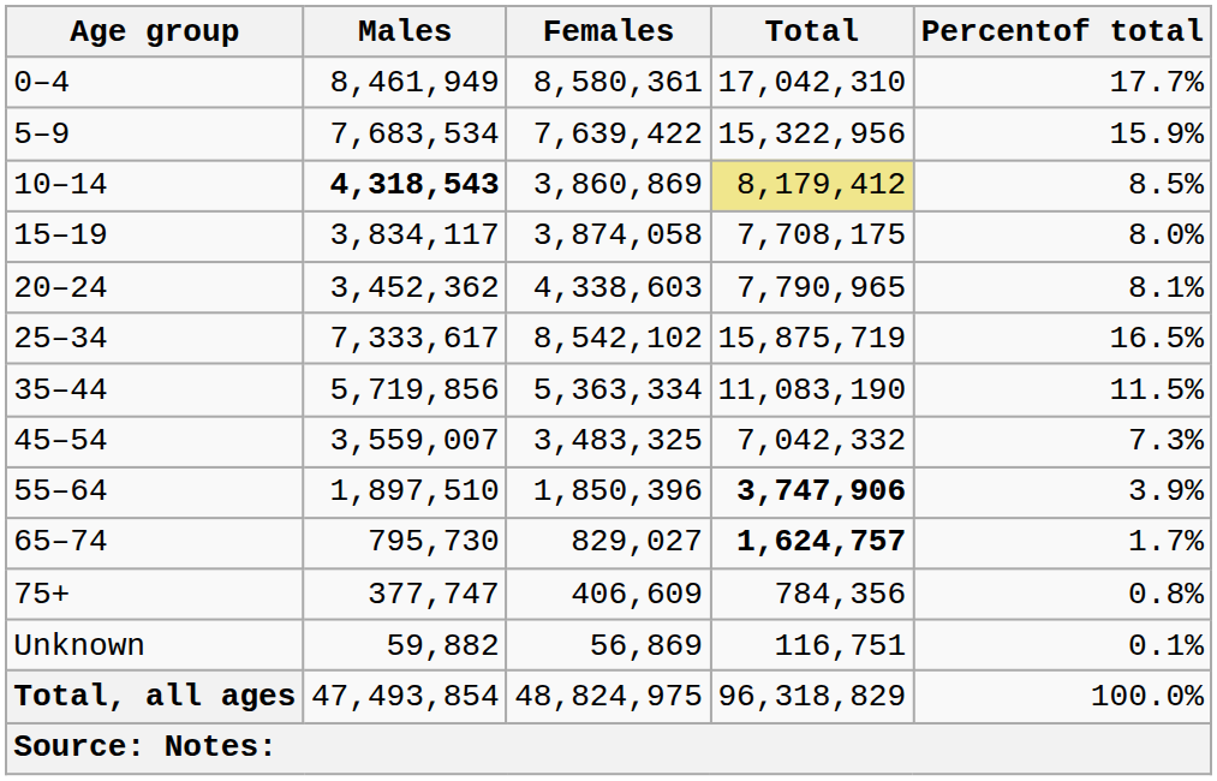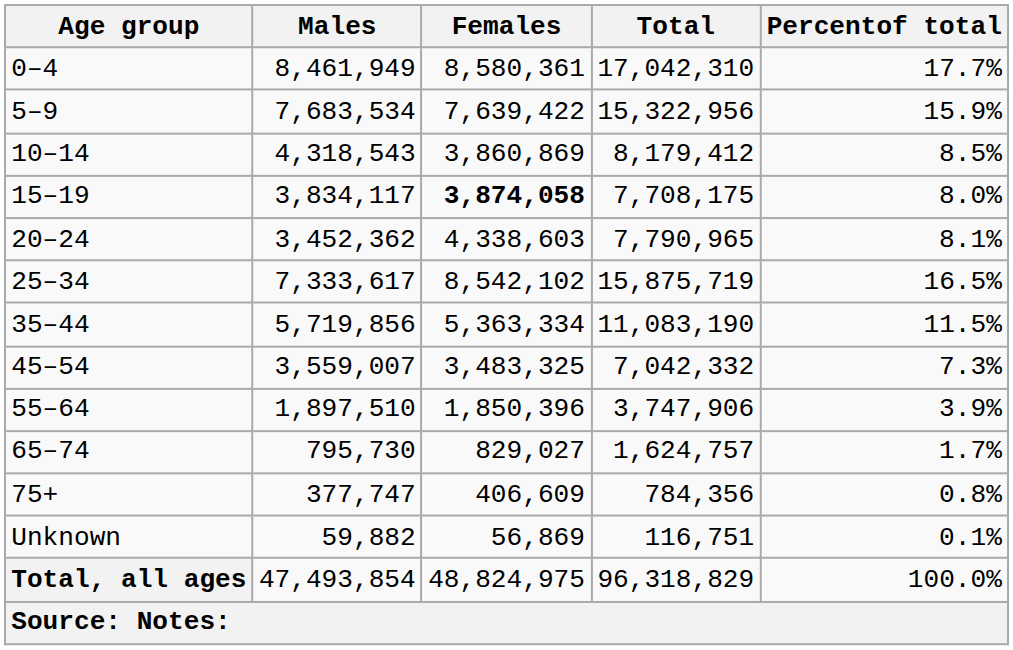 <table class="wikitable sortable static-row-numbers plainrowheaders" style="text-align: right">
 <tr class="static-row-header" style="vertical-align: bottom">
 <th scope="col">Age group</th>
 <th scope="col">Males</th>
 <th scope="col">Females</th>
 <th scope="col">Total</th>
 <th scope="col">Percentof total</th>
 </tr>
 <tr>
 <td style="text-align: left">0–4</td>
 <td>8,461,949</td>
 <td>8,580,361</td>
 <td>17,042,310</td>
 <td>17.7%</td>
 </tr>
 <tr>
 <td style="text-align: left">5–9</td>
 <td>7,683,534</td>
 <td>7,639,422</td>
 <td>15,322,956</td>
 <td>15.9%</td>
 </tr>
 <tr>
 <td style="text-align: left">10–14</td>
-<td><strong>4,318,543</strong></td>
+<td>4,318,543</td>
 <td>3,860,869</td>
-<td style="background: khaki;">8,179,412</td>
+<td>8,179,412</td>
 <td>8.5%</td>
 </tr>
 <tr>
 <td style="text-align: left">15–19</td>
 <td>3,834,117</td>
-<td>3,874,058</td>
+<td><strong>3,874,058</strong></td>
 <td>7,708,175</td>
 <td>8.0%</td>
 </tr>
 <tr>
 <td style="text-align: left">20–24</td>
 <td>3,452,362</td>
 <td>4,338,603</td>
 <td>7,790,965</td>
 <td>8.1%</td>
 </tr>
 <tr>
 <td style="text-align: left">25–34</td>
 <td>7,333,617</td>
 <td>8,542,102</td>
 <td>15,875,719</td>
 <td>16.5%</td>
 </tr>
 <tr>
 <td style="text-align: left">35–44</td>
 <td>5,719,856</td>
 <td>5,363,334</td>
 <td>11,083,190</td>
 <td>11.5%</td>
 </tr>
 <tr>
 <td style="text-align: left">45–54</td>
 <td>3,559,007</td>
 <td>3,483,325</td>
 <td>7,042,332</td>
 <td>7.3%</td>
 </tr>
 <tr>
 <td style="text-align: left">55–64</td>
 <td>1,897,510</td>
 <td>1,850,396</td>
-<td><strong>3,747,906</strong></td>
+<td>3,747,906</td>
 <td>3.9%</td>
 </tr>
 <tr>
 <td style="text-align: left">65–74</td>
 <td>795,730</td>
 <td>829,027</td>
-<td><strong>1,624,757</strong></td>
+<td>1,624,757</td>
 <td>1.7%</td>
 </tr>
 <tr>
 <td style="text-align: left">75+</td>
 <td>377,747</td>
 <td>406,609</td>
 <td>784,356</td>
 <td>0.8%</td>
 </tr>
 <tr>
 <td style="text-align: left">Unknown</td>
 <td>59,882</td>
 <td>56,869</td>
 <td>116,751</td>
 <td>0.1%</td>
 </tr>
 <tr class="sortbottom static-row-header">
 <th scope="row"><strong>Total, all ages</strong></th>
 <td>47,493,854</td>
 <td>48,824,975</td>
 <td>96,318,829</td>
 <td>100.0%</td>
 </tr>
 <tr class="sortbottom static-row-header">
 <th scope="row" colspan="5" style="text-align: left"><strong>Source:</strong> <strong>Notes:</strong> </th>
 </tr>
 </table>
